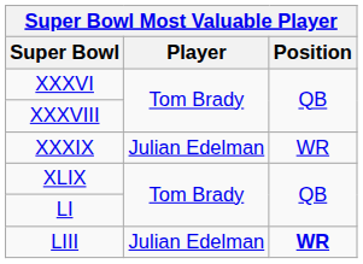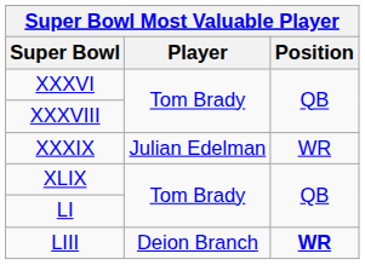 <table class="wikitable sortable" style="text-align:center">
 <tr>
 <th colspan="3"><a href='#'><span><u>Super Bowl Most Valuable Player</u></span></a></th>
 </tr>
 <tr>
 <th>Super Bowl</th>
 <th>Player</th>
 <th>Position</th>
 </tr>
 <tr>
 <td><a href='#'>XXXVI</a></td>
 <td rowspan=2><a href='#'>Tom Brady</a></td>
 <td rowspan=2><a href='#'>QB</a></td>
 </tr>
 <tr>
 <td><a href='#'>XXXVIII</a></td>
 </tr>
 <tr>
 <td><a href='#'>XXXIX</a></td>
 <td><a href='#'>Julian Edelman</a></td>
 <td><a href='#'>WR</a></td>
 </tr>
 <tr>
 <td><a href='#'>XLIX</a></td>
 <td rowspan=2><a href='#'>Tom Brady</a></td>
 <td rowspan=2><a href='#'>QB</a></td>
 </tr>
 <tr>
 <td><a href='#'>LI</a></td>
 </tr>
 <tr>
 <td><a href='#'>LIII</a></td>
-<td><a href='#'>Julian Edelman</a></td>
+<td><a href='#'>Deion Branch</a></td>
 <td><strong><a href='#'>WR</a></strong></td>
 </tr>
 </table>
